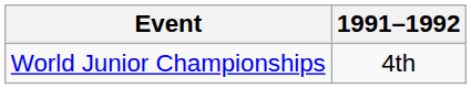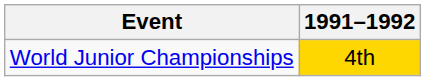 <table class="wikitable" style="text-align:center">
 <tr>
 <th>Event</th>
 <th>1991–1992</th>
 </tr>
 <tr>
 <td align=left><a href='#'>World Junior Championships</a></td>
-<td>4th</td>
+<td style="background: gold;">4th</td>
 </tr>
 </table>
